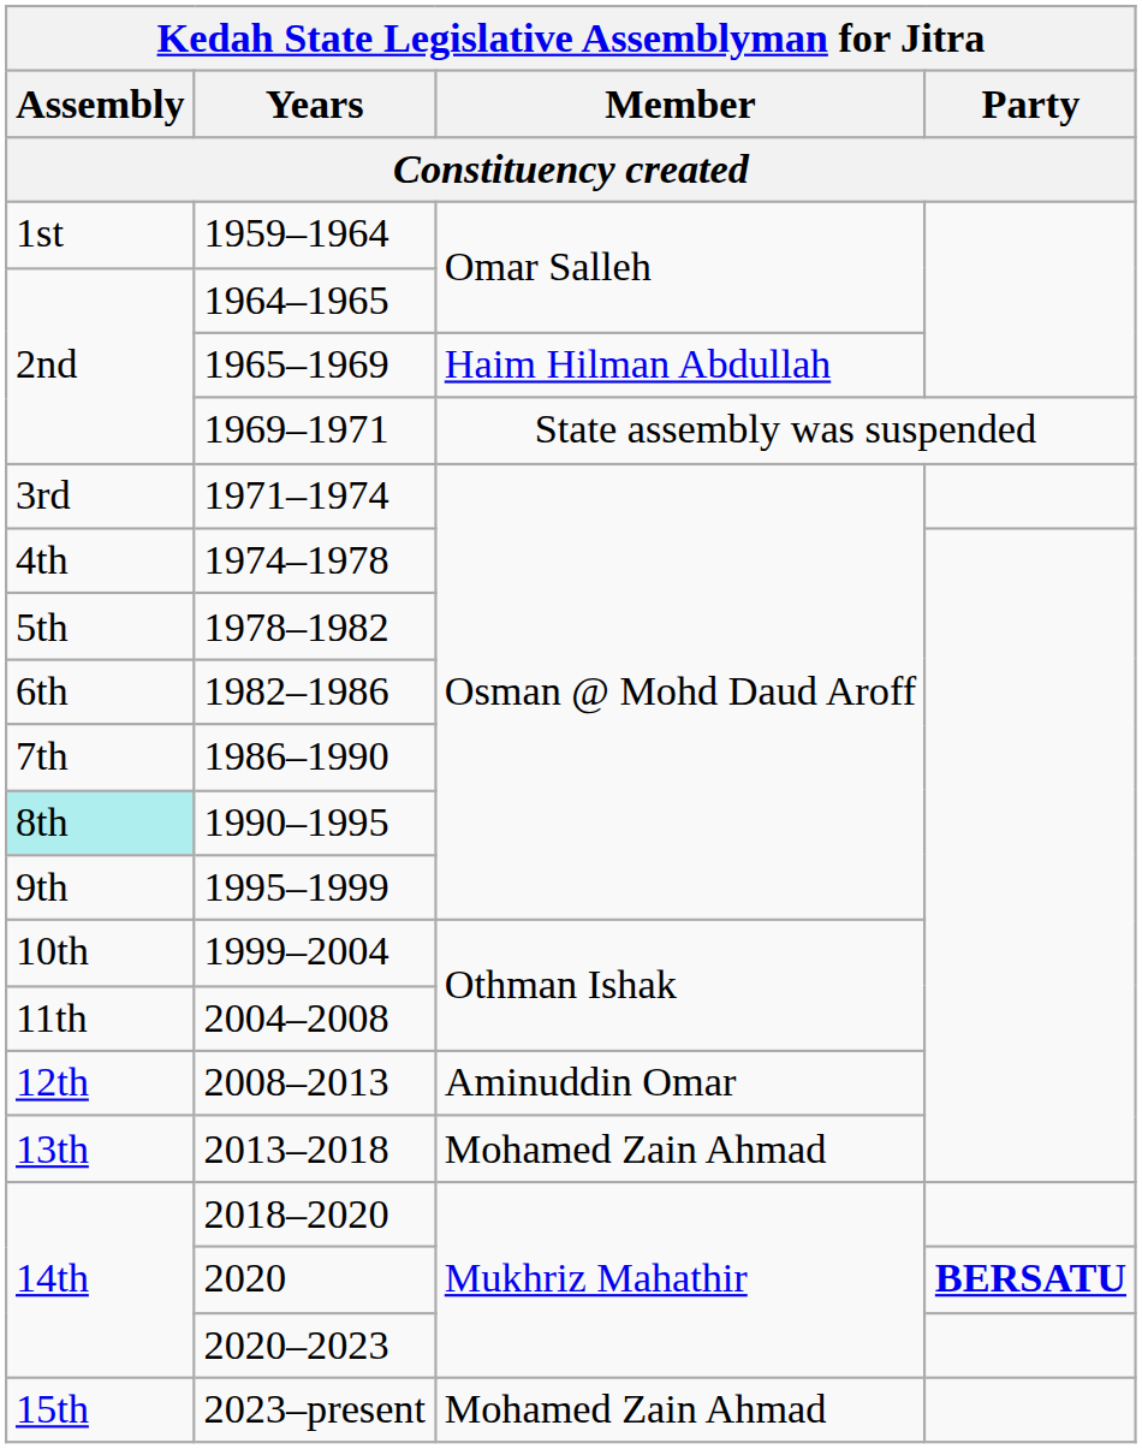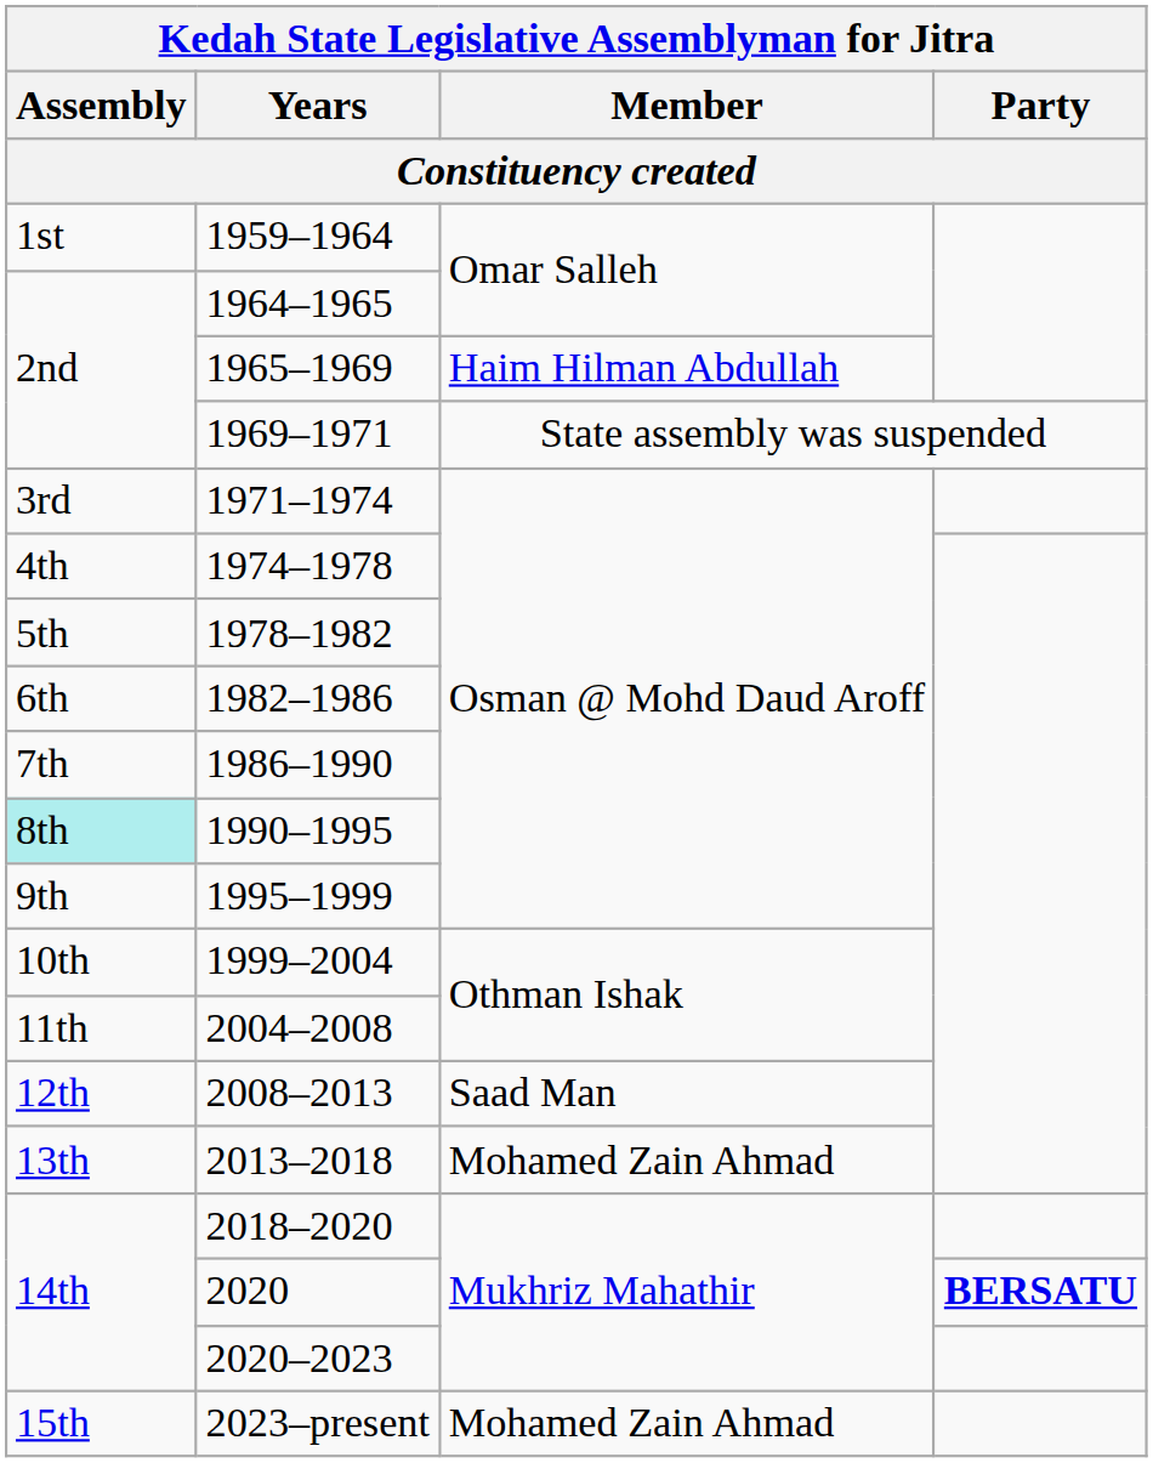 <table class="wikitable">
 <tr>
 <th colspan="4"><a href='#'>Kedah State Legislative Assemblyman</a> for Jitra</th>
 </tr>
 <tr>
 <th>Assembly</th>
 <th>Years</th>
 <th>Member</th>
 <th>Party</th>
 </tr>
 <tr>
 <th colspan="4" align="center"><em>Constituency created</em></th>
 </tr>
 <tr>
 <td>1st</td>
 <td>1959–1964</td>
 <td rowspan="2">Omar Salleh</td>
 <td rowspan="3"></td>
 </tr>
 <tr>
 <td rowspan="3">2nd</td>
 <td>1964–1965</td>
 </tr>
 <tr>
 <td>1965–1969</td>
 <td><a href='#'>Haim Hilman Abdullah</a></td>
 </tr>
 <tr>
 <td>1969–1971</td>
 <td colspan="2" align="center">State assembly was suspended</td>
 </tr>
 <tr>
 <td>3rd</td>
 <td>1971–1974</td>
 <td rowspan="7">Osman @ Mohd Daud Aroff</td>
 <td></td>
 </tr>
 <tr>
 <td>4th</td>
 <td>1974–1978</td>
 <td rowspan="10"></td>
 </tr>
 <tr>
 <td>5th</td>
 <td>1978–1982</td>
 </tr>
 <tr>
 <td>6th</td>
 <td>1982–1986</td>
 </tr>
 <tr>
 <td>7th</td>
 <td>1986–1990</td>
 </tr>
 <tr>
 <td style="background: paleturquoise;">8th</td>
 <td>1990–1995</td>
 </tr>
 <tr>
 <td>9th</td>
 <td>1995–1999</td>
 </tr>
 <tr>
 <td>10th</td>
 <td>1999–2004</td>
 <td rowspan="2">Othman Ishak</td>
 </tr>
 <tr>
 <td>11th</td>
 <td>2004–2008</td>
 </tr>
 <tr>
 <td><a href='#'>12th</a></td>
 <td>2008–2013</td>
-<td>Aminuddin Omar</td>
+<td>Saad Man</td>
 </tr>
 <tr>
 <td><a href='#'>13th</a></td>
 <td>2013–2018</td>
 <td>Mohamed Zain Ahmad</td>
 </tr>
 <tr>
 <td rowspan="3"><a href='#'>14th</a></td>
 <td>2018–2020</td>
 <td rowspan="3"><a href='#'>Mukhriz Mahathir</a></td>
 <td></td>
 </tr>
 <tr>
 <td>2020</td>
 <td><strong><a href='#'>BERSATU</a></strong></td>
 </tr>
 <tr>
 <td>2020–2023</td>
 <td></td>
 </tr>
 <tr>
 <td><a href='#'>15th</a></td>
 <td>2023–present</td>
 <td>Mohamed Zain Ahmad</td>
 <td></td>
 </tr>
 </table>
